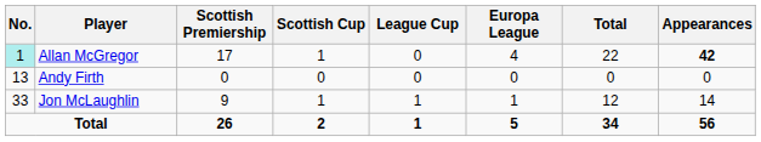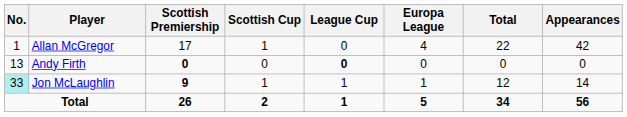 <table class="wikitable sortable alternance" ; style="text-align:center; ">
 <tr>
 <th width=10>No.</th>
 <th width=150>Player</th>
 <th width=100>Scottish Premiership</th>
 <th width=100>Scottish Cup</th>
 <th width=100>League Cup</th>
 <th width=100>Europa League</th>
 <th width=100>Total</th>
 <th width=100>Appearances</th>
 </tr>
 <tr>
-<td style="background: paleturquoise;">1</td>
+<td>1</td>
 <td align="left"> <a href='#'>Allan McGregor</a></td>
 <td>17</td>
 <td>1</td>
 <td>0</td>
 <td>4</td>
 <td>22</td>
-<td><strong>42</strong></td>
+<td>42</td>
 </tr>
 <tr>
 <td>13</td>
 <td align="left"> <a href='#'>Andy Firth</a></td>
+<td><strong>0</strong></td>
 <td>0</td>
-<td>0</td>
-<td>0</td>
+<td><strong>0</strong></td>
 <td>0</td>
 <td>0</td>
 <td>0</td>
 </tr>
 <tr>
-<td>33</td>
+<td style="background: paleturquoise;">33</td>
 <td align="left"> <a href='#'>Jon McLaughlin</a></td>
-<td>9</td>
+<td><strong>9</strong></td>
 <td>1</td>
 <td>1</td>
 <td>1</td>
 <td>12</td>
 <td>14</td>
 </tr>
 <tr class="sortbottom">
 <td colspan="2"><strong>Total</strong></td>
 <td><strong>26</strong></td>
 <td><strong>2</strong></td>
 <td><strong>1</strong></td>
 <td><strong>5</strong></td>
 <td><strong>34</strong></td>
 <td><strong>56</strong></td>
 </tr>
 </table>
